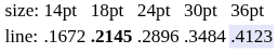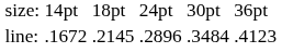 <table style="margin-left:40px;">
 <tr>
 <td>size:</td>
 <td>14pt</td>
 <td>18pt</td>
 <td>24pt</td>
 <td>30pt</td>
 <td>36pt</td>
 </tr>
 <tr>
 <td>line:</td>
 <td>.1672</td>
-<td><strong>.2145</strong></td>
+<td>.2145</td>
 <td>.2896</td>
 <td>.3484</td>
-<td style="background: lavender;">.4123</td>
+<td>.4123</td>
 </tr>
 </table>
